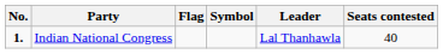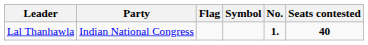 <table class="wikitable">
 <tr>
-<th>No.</th>
+<th>Leader</th>
 <th>Party</th>
 <th>Flag</th>
 <th>Symbol</th>
-<th>Leader</th>
+<th>No.</th>
 <th>Seats contested</th>
 </tr>
 <tr>
-<td ! style="text-align:center; background:"><strong>1.</strong></td>
+<td style="text-align:center"><a href='#'>Lal Thanhawla</a></td>
 <td style="text-align:center"><a href='#'>Indian National Congress</a></td>
 <td></td>
 <td></td>
-<td style="text-align:center"><a href='#'>Lal Thanhawla</a></td>
-<td style="text-align:center">40</td>
+<td ! style="text-align:center; background:"><strong>1.</strong></td>
+<td style="text-align:center"><strong>40</strong></td>
 </tr>
 </table>
